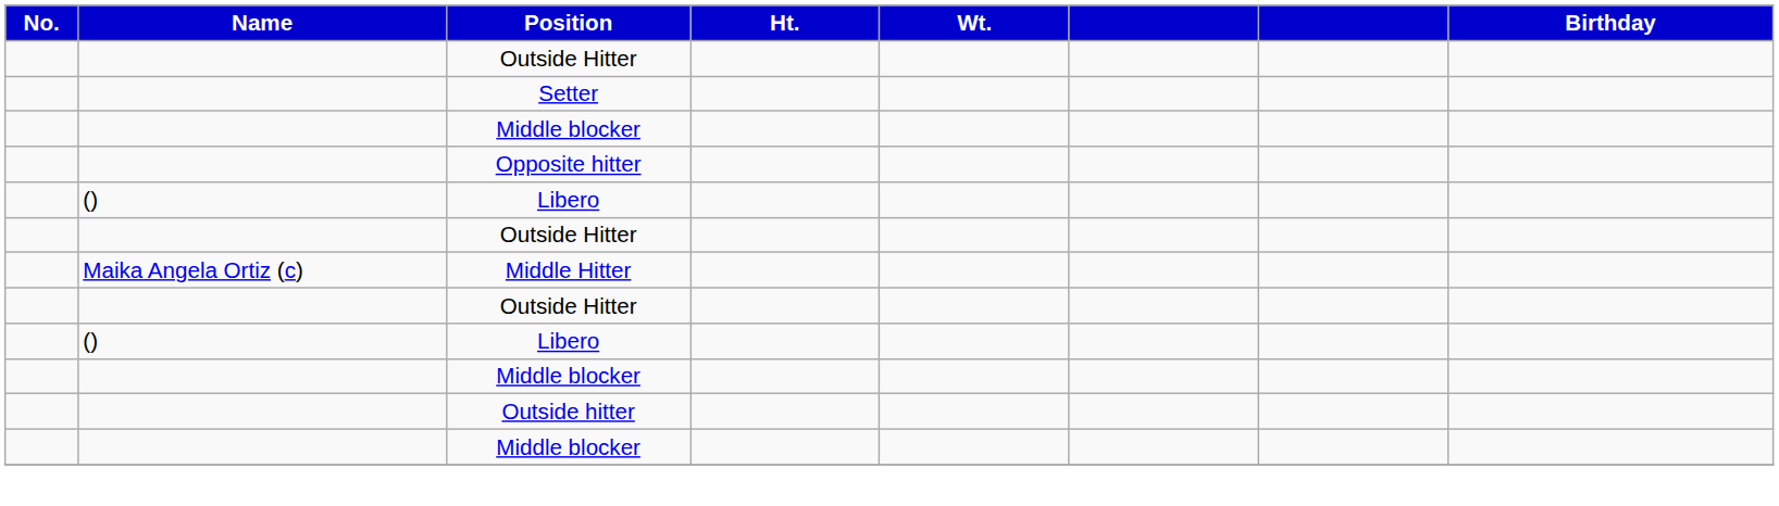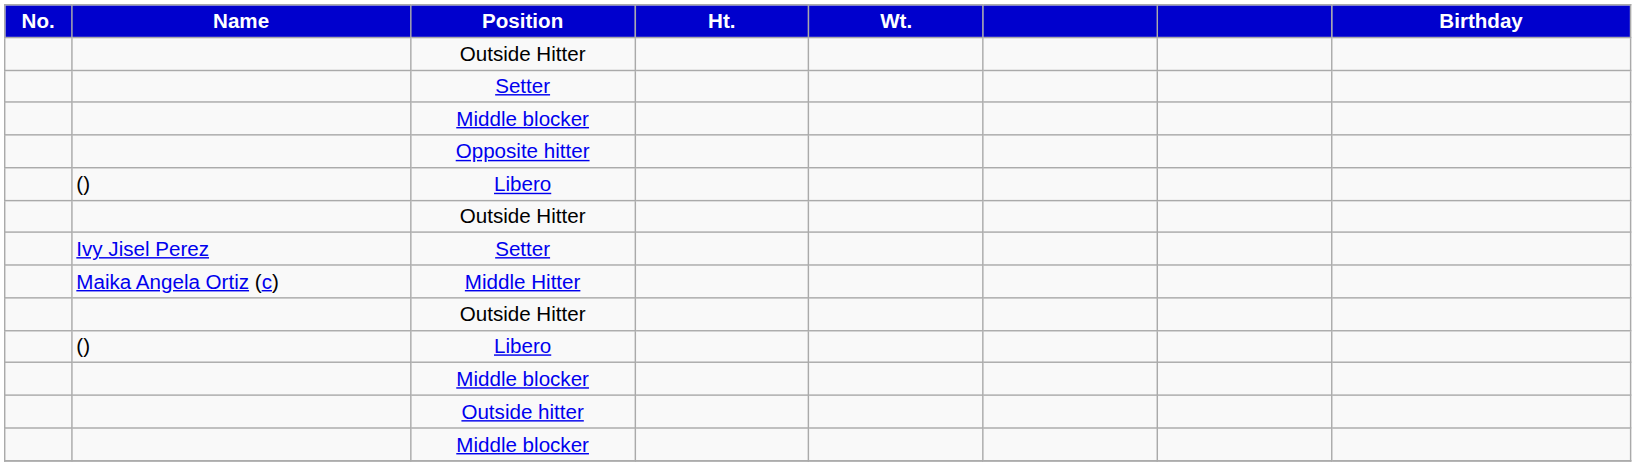 <table class="wikitable sortable" style="font-size:90%; text-align:center; width:90%;">
 <tr>
 <th style="background:#0000CD; color:white; text-align: center"><strong>No.</strong></th>
 <th style="width:16em; background:#0000CD; color:white;">Name</th>
 <th style="background:#0000CD; color:white; text-align: center"><strong>Position</strong></th>
 <th style="width:8em; background:#0000CD; color:white;">Ht.</th>
 <th style="width:8em; background:#0000CD; color:white;">Wt.</th>
 <th style="width:8em; background:#0000CD; color:white;"></th>
 <th style="width:8em; background:#0000CD; color:white;"></th>
 <th style="width:14em; background:#0000CD; color:white;">Birthday</th>
 </tr>
 <tr>
 <td></td>
 <td align=left> </td>
 <td>Outside Hitter</td>
 <td></td>
 <td></td>
 <td></td>
 <td></td>
 <td align=right></td>
 </tr>
 <tr>
 <td></td>
 <td align=left> </td>
 <td><a href='#'>Setter</a></td>
 <td></td>
 <td></td>
 <td></td>
 <td></td>
 <td align=right></td>
 </tr>
 <tr>
 <td></td>
 <td align=left> </td>
 <td><a href='#'>Middle blocker</a></td>
 <td></td>
 <td></td>
 <td></td>
 <td></td>
 <td align=right></td>
 </tr>
 <tr>
 <td></td>
 <td align=left> </td>
 <td><a href='#'>Opposite hitter</a></td>
 <td></td>
 <td></td>
 <td></td>
 <td></td>
 <td align=right></td>
 </tr>
 <tr>
 <td></td>
 <td align=left>  ()</td>
 <td><a href='#'>Libero</a></td>
 <td></td>
 <td></td>
 <td></td>
 <td></td>
 <td align=right></td>
 </tr>
 <tr>
 <td></td>
 <td align=left> </td>
 <td>Outside Hitter</td>
 <td></td>
 <td></td>
 <td></td>
 <td></td>
 <td align=right></td>
 </tr>
 <tr>
 <td></td>
+<td align=left> <a href='#'>Ivy Jisel Perez</a></td>
+<td><a href='#'>Setter</a></td>
+<td></td>
+<td></td>
+<td></td>
+<td></td>
+<td align=right></td>
+</tr>
+<tr>
+<td></td>
 <td align=left> <a href='#'>Maika Angela Ortiz</a> (<a href='#'>c</a>)</td>
 <td><a href='#'>Middle Hitter</a></td>
 <td></td>
 <td></td>
 <td></td>
 <td></td>
 <td align=right></td>
 </tr>
 <tr>
 <td></td>
 <td align=left> </td>
 <td>Outside Hitter</td>
 <td></td>
 <td></td>
 <td></td>
 <td></td>
 <td align=right></td>
 </tr>
 <tr>
 <td></td>
 <td align=left>  ()</td>
 <td><a href='#'>Libero</a></td>
 <td></td>
 <td></td>
 <td></td>
 <td></td>
 <td align=right></td>
 </tr>
 <tr>
 <td></td>
 <td align=left> </td>
 <td><a href='#'>Middle blocker</a></td>
 <td></td>
 <td></td>
 <td></td>
 <td></td>
 <td align=right></td>
 </tr>
 <tr>
 <td></td>
 <td align=left> </td>
 <td><a href='#'>Outside hitter</a></td>
 <td></td>
 <td></td>
 <td></td>
 <td></td>
 <td align=right></td>
 </tr>
 <tr>
 <td></td>
 <td align=left> </td>
 <td><a href='#'>Middle blocker</a></td>
 <td></td>
 <td></td>
 <td></td>
 <td></td>
 <td align=right></td>
 </tr>
 <tr>
 </tr>
 </table>
